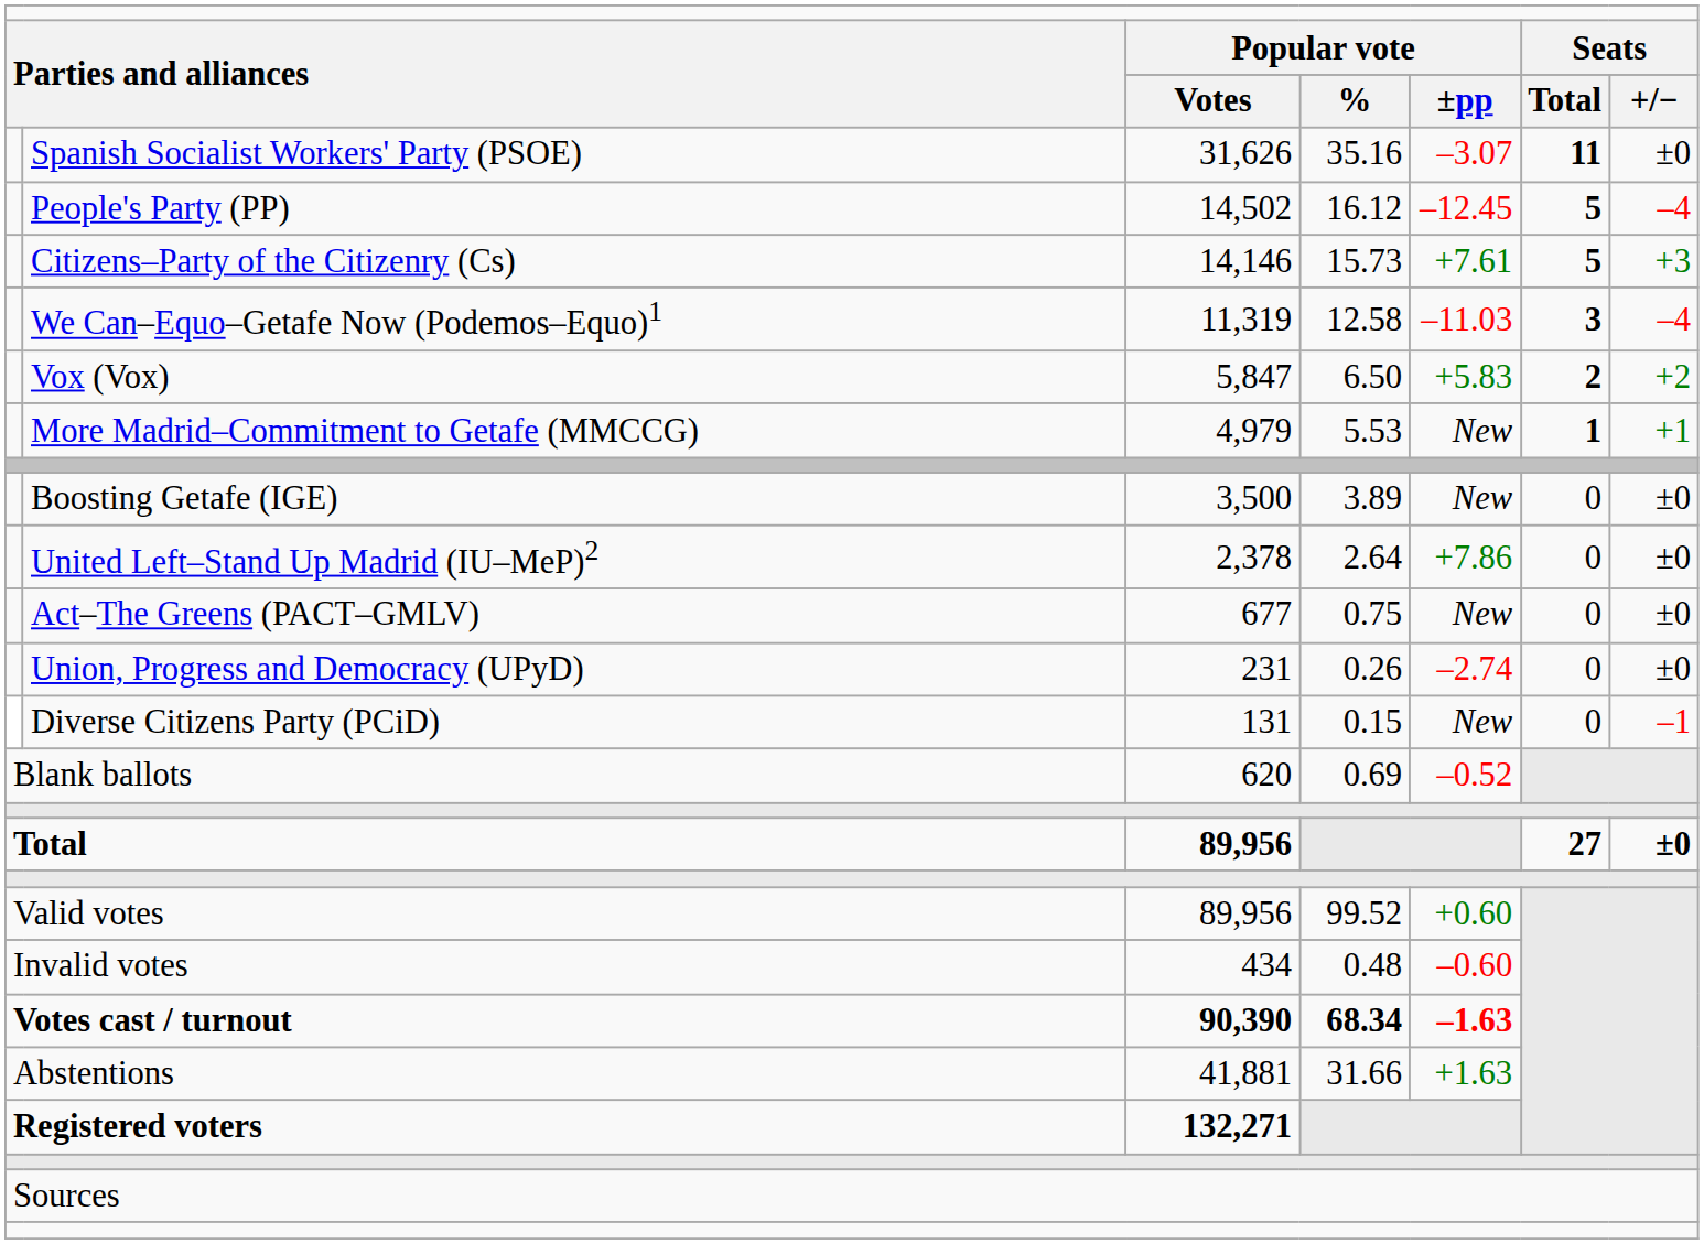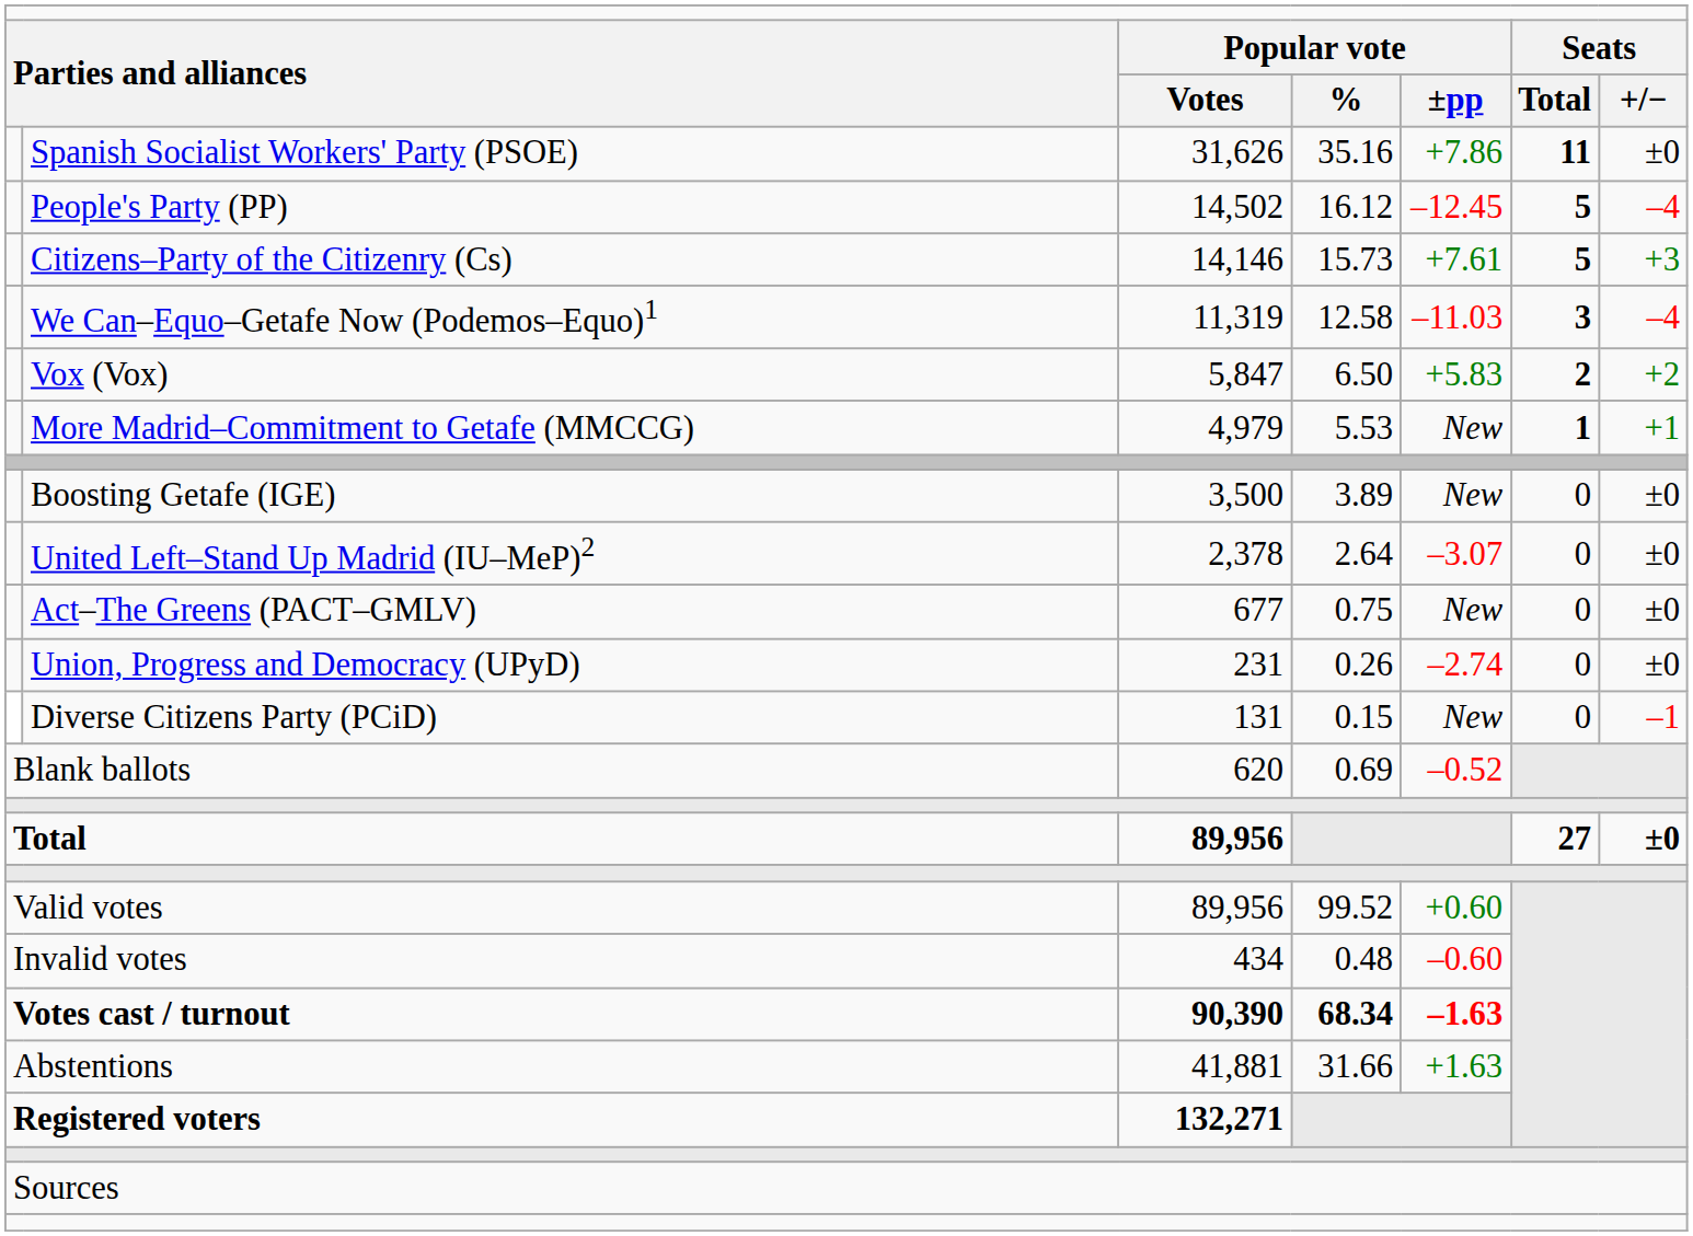 <table class="wikitable" style="text-align:right;">
 <tr>
 <td colspan="7"></td>
 </tr>
 <tr>
 <th style="text-align:left;" rowspan="2" colspan="2" width="525">Parties and alliances</th>
 <th colspan="3">Popular vote</th>
 <th colspan="2">Seats</th>
 </tr>
 <tr>
 <th width="75">Votes</th>
 <th width="45">%</th>
 <th width="45">±<a href='#'>pp</a></th>
 <th width="35">Total</th>
 <th width="35">+/−</th>
 </tr>
 <tr>
 <td width="1" style="color:inherit;background:"></td>
 <td align="left"><a href='#'>Spanish Socialist Workers' Party</a> (PSOE)</td>
 <td>31,626</td>
 <td>35.16</td>
-<td style="color:red;">–3.07</td>
+<td style="color:green;">+7.86</td>
 <td><strong>11</strong></td>
 <td>±0</td>
 </tr>
 <tr>
 <td style="color:inherit;background:"></td>
 <td align="left"><a href='#'>People's Party</a> (PP)</td>
 <td>14,502</td>
 <td>16.12</td>
 <td style="color:red;">–12.45</td>
 <td><strong>5</strong></td>
 <td style="color:red;">–4</td>
 </tr>
 <tr>
 <td style="color:inherit;background:"></td>
 <td align="left"><a href='#'>Citizens–Party of the Citizenry</a> (Cs)</td>
 <td>14,146</td>
 <td>15.73</td>
 <td style="color:green;">+7.61</td>
 <td><strong>5</strong></td>
 <td style="color:green;">+3</td>
 </tr>
 <tr>
 <td style="color:inherit;background:"></td>
 <td align="left"><a href='#'>We Can</a>–<a href='#'>Equo</a>–Getafe Now (Podemos–Equo)<sup>1</sup></td>
 <td>11,319</td>
 <td>12.58</td>
 <td style="color:red;">–11.03</td>
 <td><strong>3</strong></td>
 <td style="color:red;">–4</td>
 </tr>
 <tr>
 <td style="color:inherit;background:"></td>
 <td align="left"><a href='#'>Vox</a> (Vox)</td>
 <td>5,847</td>
 <td>6.50</td>
 <td style="color:green;">+5.83</td>
 <td><strong>2</strong></td>
 <td style="color:green;">+2</td>
 </tr>
 <tr>
 <td style="color:inherit;background:"></td>
 <td align="left"><a href='#'>More Madrid–Commitment to Getafe</a> (MMCCG)</td>
 <td>4,979</td>
 <td>5.53</td>
 <td><em>New</em></td>
 <td><strong>1</strong></td>
 <td style="color:green;">+1</td>
 </tr>
 <tr>
 <td colspan="7" bgcolor="#C0C0C0"></td>
 </tr>
 <tr>
 <td style="color:inherit;background:"></td>
 <td align="left">Boosting Getafe (IGE)</td>
 <td>3,500</td>
 <td>3.89</td>
 <td><em>New</em></td>
 <td>0</td>
 <td>±0</td>
 </tr>
 <tr>
 <td style="color:inherit;background:"></td>
 <td align="left"><a href='#'>United Left–Stand Up Madrid</a> (IU–MeP)<sup>2</sup></td>
 <td>2,378</td>
 <td>2.64</td>
-<td style="color:green;">+7.86</td>
+<td style="color:red;">–3.07</td>
 <td>0</td>
 <td>±0</td>
 </tr>
 <tr>
 <td style="color:inherit;background:"></td>
 <td align="left"><a href='#'>Act</a>–<a href='#'>The Greens</a> (PACT–GMLV)</td>
 <td>677</td>
 <td>0.75</td>
 <td><em>New</em></td>
 <td>0</td>
 <td>±0</td>
 </tr>
 <tr>
 <td style="color:inherit;background:"></td>
 <td align="left"><a href='#'>Union, Progress and Democracy</a> (UPyD)</td>
 <td>231</td>
 <td>0.26</td>
 <td style="color:red;">–2.74</td>
 <td>0</td>
 <td>±0</td>
 </tr>
 <tr>
 <td bgcolor="white"></td>
 <td align="left">Diverse Citizens Party (PCiD)</td>
 <td>131</td>
 <td>0.15</td>
 <td><em>New</em></td>
 <td>0</td>
 <td style="color:red;">–1</td>
 </tr>
 <tr>
 <td align="left" colspan="2">Blank ballots</td>
 <td>620</td>
 <td>0.69</td>
 <td style="color:red;">–0.52</td>
 <td bgcolor="#E9E9E9" colspan="2"></td>
 </tr>
 <tr>
 <td colspan="7" bgcolor="#E9E9E9"></td>
 </tr>
 <tr style="font-weight:bold;">
 <td align="left" colspan="2">Total</td>
 <td>89,956</td>
 <td bgcolor="#E9E9E9" colspan="2"></td>
 <td>27</td>
 <td>±0</td>
 </tr>
 <tr>
 <td colspan="7" bgcolor="#E9E9E9"></td>
 </tr>
 <tr>
 <td align="left" colspan="2">Valid votes</td>
 <td>89,956</td>
 <td>99.52</td>
 <td style="color:green;">+0.60</td>
 <td bgcolor="#E9E9E9" colspan="2" rowspan="5"></td>
 </tr>
 <tr>
 <td align="left" colspan="2">Invalid votes</td>
 <td>434</td>
 <td>0.48</td>
 <td style="color:red;">–0.60</td>
 </tr>
 <tr style="font-weight:bold;">
 <td align="left" colspan="2">Votes cast / turnout</td>
 <td>90,390</td>
 <td>68.34</td>
 <td style="color:red;">–1.63</td>
 </tr>
 <tr>
 <td align="left" colspan="2">Abstentions</td>
 <td>41,881</td>
 <td>31.66</td>
 <td style="color:green;">+1.63</td>
 </tr>
 <tr style="font-weight:bold;">
 <td align="left" colspan="2">Registered voters</td>
 <td>132,271</td>
 <td bgcolor="#E9E9E9" colspan="2"></td>
 </tr>
 <tr>
 <td colspan="7" bgcolor="#E9E9E9"></td>
 </tr>
 <tr>
 <td align="left" colspan="7">Sources</td>
 </tr>
 <tr>
 <td colspan="7" style="text-align:left; max-width:790px;"></td>
 </tr>
 </table>
